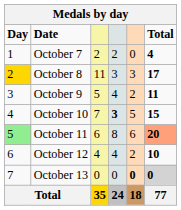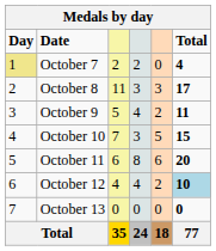 <table class=wikitable style="font-size:95%;">
 <tr>
 <th colspan=7><strong>Medals by day</strong></th>
 </tr>
 <tr>
 <td><strong>Day</strong></td>
 <td><strong>Date</strong></td>
 <td bgcolor=F7F6A8></td>
 <td bgcolor=DCE5E5></td>
 <td bgcolor=FFDAB9></td>
 <td><strong>Total</strong></td>
 </tr>
 <tr>
-<td>1</td>
+<td style="background: khaki;">1</td>
 <td>October 7</td>
 <td bgcolor=F7F6A8>2</td>
 <td bgcolor=DCE5E5>2</td>
 <td bgcolor=FFDAB9>0</td>
 <td><strong>4</strong></td>
 </tr>
 <tr>
-<td style="background: gold;">2</td>
+<td>2</td>
 <td>October 8</td>
 <td bgcolor=F7F6A8>11</td>
 <td bgcolor=DCE5E5>3</td>
 <td bgcolor=FFDAB9>3</td>
 <td><strong>17</strong></td>
 </tr>
 <tr>
 <td>3</td>
 <td>October 9</td>
 <td bgcolor=F7F6A8>5</td>
 <td bgcolor=DCE5E5>4</td>
 <td bgcolor=FFDAB9>2</td>
 <td><strong>11</strong></td>
 </tr>
 <tr>
 <td>4</td>
 <td>October 10</td>
 <td bgcolor=F7F6A8>7</td>
-<td bgcolor=DCE5E5><strong>3</strong></td>
+<td bgcolor=DCE5E5>3</td>
 <td bgcolor=FFDAB9>5</td>
 <td><strong>15</strong></td>
 </tr>
 <tr>
-<td style="background: lightgreen;">5</td>
+<td>5</td>
 <td>October 11</td>
 <td bgcolor=F7F6A8>6</td>
 <td bgcolor=DCE5E5>8</td>
 <td bgcolor=FFDAB9>6</td>
-<td style="background: lightsalmon;"><strong>20</strong></td>
+<td><strong>20</strong></td>
 </tr>
 <tr>
 <td>6</td>
 <td>October 12</td>
 <td bgcolor=F7F6A8>4</td>
 <td bgcolor=DCE5E5>4</td>
 <td bgcolor=FFDAB9>2</td>
-<td><strong>10</strong></td>
+<td style="background: lightblue;"><strong>10</strong></td>
 </tr>
 <tr>
 <td>7</td>
 <td>October 13</td>
 <td bgcolor=F7F6A8>0</td>
 <td bgcolor=DCE5E5>0</td>
-<td bgcolor=FFDAB9><strong>0</strong></td>
-<td style="background: lightgrey;"><strong>0</strong></td>
+<td bgcolor=FFDAB9>0</td>
+<td><strong>0</strong></td>
 </tr>
 <tr>
 <th colspan=2>Total</th>
 <th style="background:gold;">35</th>
 <th style="background:silver;">24</th>
 <th style="background:#c96;">18</th>
 <th>77</th>
 </tr>
 </table>
